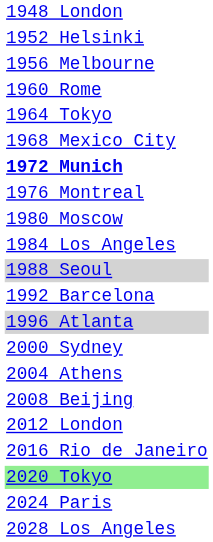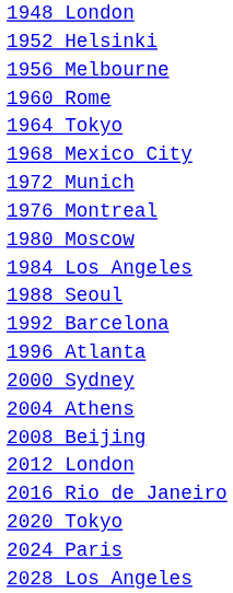 <table>
 <tr>
 <td><a href='#'>1948 London</a><br></td>
 <td></td>
 <td></td>
 <td></td>
 </tr>
 <tr>
 <td><a href='#'>1952 Helsinki</a><br></td>
 <td></td>
 <td></td>
 <td></td>
 </tr>
 <tr>
 <td><a href='#'>1956 Melbourne</a><br></td>
 <td></td>
 <td></td>
 <td></td>
 </tr>
 <tr>
 <td><a href='#'>1960 Rome</a><br></td>
 <td></td>
 <td></td>
 <td></td>
 </tr>
 <tr>
 <td><a href='#'>1964 Tokyo</a><br></td>
 <td></td>
 <td></td>
 <td></td>
 </tr>
 <tr>
 <td><a href='#'>1968 Mexico City</a><br></td>
 <td></td>
 <td></td>
 <td></td>
 </tr>
 <tr>
-<td><strong><a href='#'>1972 Munich</a><br></strong></td>
+<td><a href='#'>1972 Munich</a><br></td>
 <td></td>
 <td></td>
 <td></td>
 </tr>
 <tr>
 <td><a href='#'>1976 Montreal</a><br></td>
 <td></td>
 <td></td>
 <td></td>
 </tr>
 <tr>
 <td><a href='#'>1980 Moscow</a><br></td>
 <td></td>
 <td></td>
 <td></td>
 </tr>
 <tr>
 <td><a href='#'>1984 Los Angeles</a><br></td>
 <td></td>
 <td></td>
 <td></td>
 </tr>
 <tr>
-<td style="background: lightgrey;"><a href='#'>1988 Seoul</a><br></td>
+<td><a href='#'>1988 Seoul</a><br></td>
 <td></td>
 <td></td>
 <td></td>
 </tr>
 <tr>
 <td><a href='#'>1992 Barcelona</a><br></td>
 <td></td>
 <td></td>
 <td></td>
 </tr>
 <tr>
-<td style="background: lightgrey;"><a href='#'>1996 Atlanta</a><br></td>
+<td><a href='#'>1996 Atlanta</a><br></td>
 <td></td>
 <td></td>
 <td></td>
 </tr>
 <tr>
 <td><a href='#'>2000 Sydney</a><br></td>
 <td></td>
 <td></td>
 <td></td>
 </tr>
 <tr>
 <td><a href='#'>2004 Athens</a><br></td>
 <td></td>
 <td></td>
 <td></td>
 </tr>
 <tr>
 <td><a href='#'>2008 Beijing</a><br></td>
 <td></td>
 <td></td>
 <td></td>
 </tr>
 <tr>
 <td><a href='#'>2012 London</a><br></td>
 <td></td>
 <td></td>
 <td></td>
 </tr>
 <tr>
 <td><a href='#'>2016 Rio de Janeiro</a><br></td>
 <td></td>
 <td></td>
 <td></td>
 </tr>
 <tr>
-<td style="background: lightgreen;"><a href='#'>2020 Tokyo</a><br></td>
+<td><a href='#'>2020 Tokyo</a><br></td>
 <td></td>
 <td></td>
 <td></td>
 </tr>
 <tr>
 <td><a href='#'>2024 Paris</a> <br></td>
 <td></td>
 <td></td>
 <td></td>
 </tr>
 <tr>
 <td><a href='#'>2028 Los Angeles</a><br></td>
 <td></td>
 <td></td>
 <td></td>
 </tr>
 <tr>
 </tr>
 </table>
